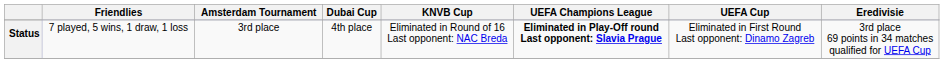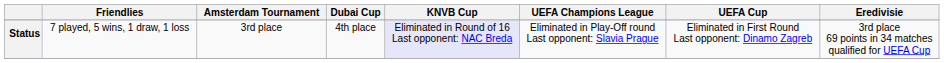 <table class="wikitable" style="width:100%; font-size:85%;">
 <tr>
 <th></th>
 <th style="border-bottom:1px solid #B5B7CF;">Friendlies</th>
 <th style="border-bottom:1px solid #B5B7CF;">Amsterdam Tournament</th>
 <th style="border-bottom:1px solid #B5B7CF;">Dubai Cup</th>
 <th style="border-bottom:1px solid #B5B7CF;">KNVB Cup</th>
 <th style="border-bottom:1px solid #B5B7CF;">UEFA Champions League</th>
 <th style="border-bottom:1px solid #B5B7CF;">UEFA Cup</th>
 <th style="border-bottom:1px solid #B5B7CF;">Eredivisie</th>
 </tr>
 <tr>
 </tr>
 <tr style="font-size:100%;" valign="top">
 <th style="border-right:1px solid #B5B7CF;text-align:right;padding-top:10px;">Status</th>
 <td align=center>7 played, 5 wins, 1 draw, 1 loss</td>
 <td align=center>3rd place</td>
 <td align=center>4th place</td>
-<td align=center>Eliminated in Round of 16<br>Last opponent: <a href='#'>NAC Breda</a></td>
-<td align=center><strong>Eliminated in Play-Off round<br>Last opponent: <a href='#'>Slavia Prague</a></strong></td>
+<td align=center style="background: lavender;">Eliminated in Round of 16<br>Last opponent: <a href='#'>NAC Breda</a></td>
+<td align=center>Eliminated in Play-Off round<br>Last opponent: <a href='#'>Slavia Prague</a></td>
 <td align=center>Eliminated in First Round<br>Last opponent: <a href='#'>Dinamo Zagreb</a></td>
 <td align=center>3rd place<br>69 points in 34 matches<br>qualified for <a href='#'>UEFA Cup</a></td>
 </tr>
 <tr>
 </tr>
 </table>
